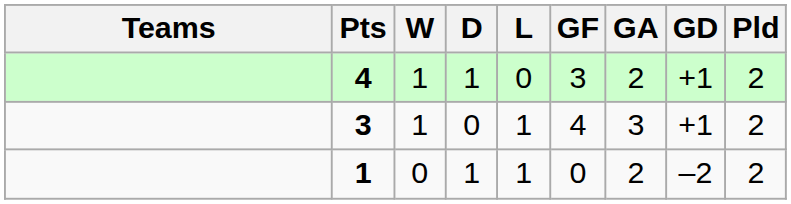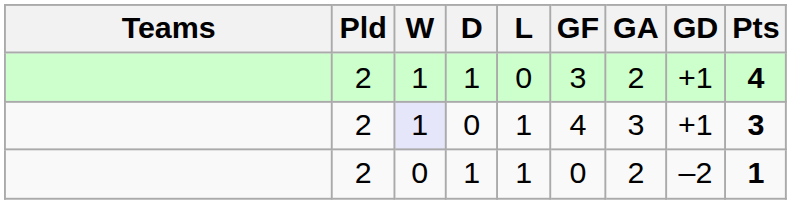 <table class="wikitable" style="text-align: center;">
 <tr>
 <th width=165>Teams</th>
-<th width=20>Pts</th>
+<th width=20>Pld</th>
 <th width=20>W</th>
 <th width=20>D</th>
 <th width=20>L</th>
 <th width=20>GF</th>
 <th width=20>GA</th>
 <th width=20>GD</th>
-<th width=20>Pld</th>
+<th width=20>Pts</th>
 </tr>
 <tr align=center style="background:#ccffcc;">
 <td style="text-align:left;"></td>
-<td><strong>4</strong></td>
+<td>2</td>
 <td>1</td>
 <td>1</td>
 <td>0</td>
 <td>3</td>
 <td>2</td>
 <td>+1</td>
-<td>2</td>
+<td><strong>4</strong></td>
 </tr>
 <tr align=center>
 <td style="text-align:left;"></td>
-<td><strong>3</strong></td>
-<td>1</td>
+<td>2</td>
+<td style="background: lavender;">1</td>
 <td>0</td>
 <td>1</td>
 <td>4</td>
 <td>3</td>
 <td>+1</td>
-<td>2</td>
+<td><strong>3</strong></td>
 </tr>
 <tr align=center>
 <td style="text-align:left;"></td>
-<td><strong>1</strong></td>
+<td>2</td>
 <td>0</td>
 <td>1</td>
 <td>1</td>
 <td>0</td>
 <td>2</td>
 <td>–2</td>
-<td>2</td>
+<td><strong>1</strong></td>
 </tr>
 </table>
